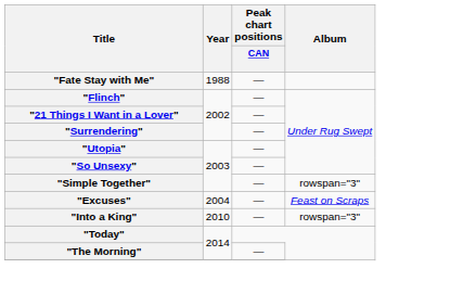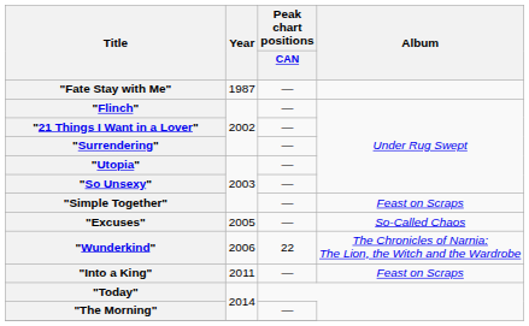 <table class="wikitable plainrowheaders" style="text-align:center; border:1">
 <tr>
 <th scope="col" rowspan="2" style="width:18em;">Title</th>
 <th scope="col" rowspan="2">Year</th>
 <th scope="col" colspan="1">Peak chart positions</th>
 <th scope="col" rowspan="2">Album</th>
 </tr>
 <tr>
 <th scope="col" style="width:3em;font-size:90%;"><a href='#'>CAN<br></a><br></th>
 </tr>
 <tr>
 <th scope="row">"Fate Stay with Me"</th>
-<td>1988</td>
+<td>1987</td>
 <td>—</td>
 <td></td>
 </tr>
 <tr>
 <th scope="row">"<a href='#'>Flinch</a>"</th>
 <td rowspan="3">2002</td>
 <td>—</td>
 <td rowspan="5"><em><a href='#'>Under Rug Swept</a></em></td>
 </tr>
 <tr>
 <th scope="row">"<a href='#'>21 Things I Want in a Lover</a>"</th>
 <td>—</td>
 </tr>
 <tr>
 <th scope="row">"<a href='#'>Surrendering</a>"</th>
 <td>—</td>
 </tr>
 <tr>
 <th scope="row">"<a href='#'>Utopia</a>"</th>
 <td rowspan="3">2003</td>
 <td>—</td>
 </tr>
 <tr>
 <th scope="row">"<a href='#'>So Unsexy</a>"</th>
 <td>—</td>
 </tr>
 <tr>
 <th scope="row">"Simple Together"</th>
 <td>—</td>
-<td>rowspan="3" </td>
+<td><em><a href='#'>Feast on Scraps</a></em></td>
 </tr>
 <tr>
 <th scope="row">"Excuses"</th>
-<td>2004</td>
+<td>2005</td>
 <td>—</td>
-<td><em><a href='#'>Feast on Scraps</a></em></td>
+<td><em><a href='#'>So-Called Chaos</a></em></td>
+</tr>
+<tr>
+<th scope="row">"<a href='#'>Wunderkind</a>"</th>
+<td>2006</td>
+<td>22</td>
+<td><em><a href='#'>The Chronicles of Narnia:<br>The Lion, the Witch and the Wardrobe</a></em></td>
 </tr>
 <tr>
 <th scope="row">"Into a King"</th>
-<td>2010</td>
+<td>2011</td>
 <td>—</td>
-<td>rowspan="3" </td>
+<td><em><a href='#'>Feast on Scraps</a></em></td>
 </tr>
 <tr>
 <th scope="row">"Today"</th>
 <td rowspan="2">2014</td>
 </tr>
 <tr>
 <th scope="row">"The Morning"</th>
 <td>—</td>
 </tr>
 <tr>
 </tr>
 </table>
